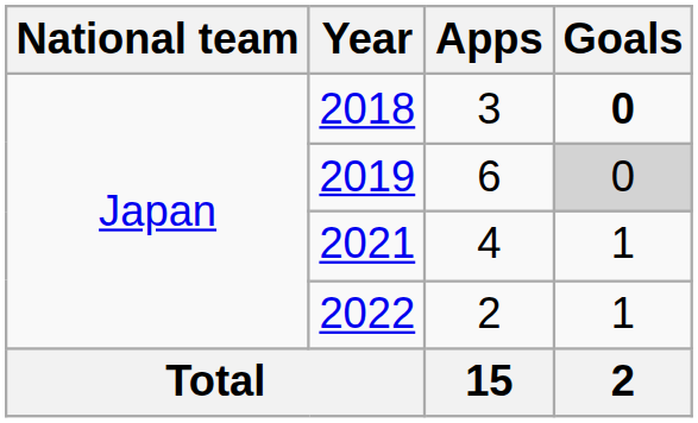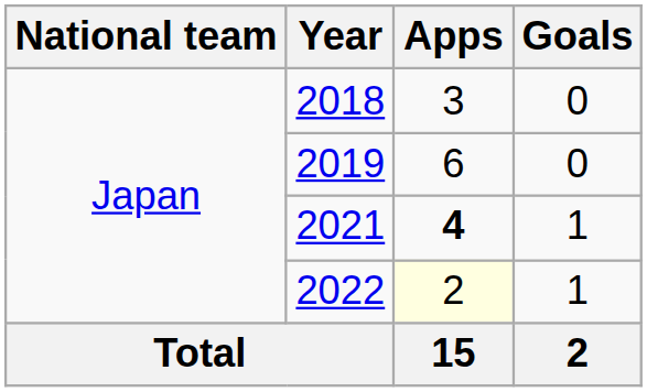 <table class="wikitable" style="text-align:center">
 <tr>
 <th>National team</th>
 <th>Year</th>
 <th>Apps</th>
 <th>Goals</th>
 </tr>
 <tr>
 <td rowspan="4"><a href='#'>Japan</a></td>
 <td><a href='#'>2018</a></td>
 <td>3</td>
-<td><strong>0</strong></td>
+<td>0</td>
 </tr>
 <tr>
 <td><a href='#'>2019</a></td>
 <td>6</td>
-<td style="background: lightgrey;">0</td>
+<td>0</td>
 </tr>
 <tr>
 <td><a href='#'>2021</a></td>
-<td>4</td>
+<td><strong>4</strong></td>
 <td>1</td>
 </tr>
 <tr>
 <td><a href='#'>2022</a></td>
-<td>2</td>
+<td style="background: lightyellow;">2</td>
 <td>1</td>
 </tr>
 <tr>
 <th colspan="2">Total</th>
 <th>15</th>
 <th>2</th>
 </tr>
 </table>
